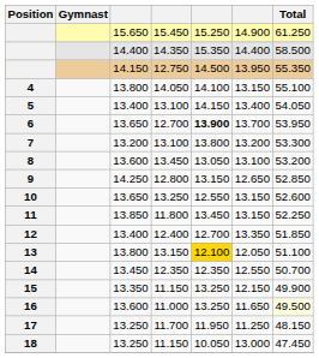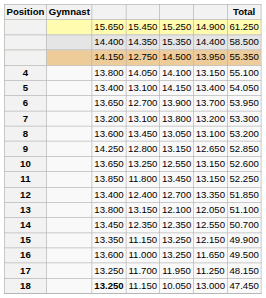 <table class="wikitable sortable" style="text-align:center">
 <tr>
 <th scope=col>Position</th>
 <th scope=col>Gymnast</th>
 <th scope=col></th>
 <th scope=col></th>
 <th scope=col></th>
 <th scope=col></th>
 <th scope=col>Total</th>
 </tr>
 <tr bgcolor=fffcaf>
 <th scope=row></th>
 <td align=left></td>
 <td>15.650</td>
 <td>15.450</td>
 <td>15.250</td>
 <td>14.900</td>
 <td>61.250</td>
 </tr>
 <tr bgcolor=e5e5e5>
 <th scope=row></th>
 <td align=left></td>
 <td>14.400</td>
 <td>14.350</td>
 <td>15.350</td>
 <td>14.400</td>
 <td>58.500</td>
 </tr>
 <tr bgcolor=eecc99>
 <th scope=row></th>
 <td align=left></td>
 <td>14.150</td>
 <td>12.750</td>
 <td>14.500</td>
 <td>13.950</td>
 <td>55.350</td>
 </tr>
 <tr>
 <th scope=row>4</th>
 <td align=left></td>
 <td>13.800</td>
 <td>14.050</td>
 <td>14.100</td>
 <td>13.150</td>
 <td>55.100</td>
 </tr>
 <tr>
 <th scope=row>5</th>
 <td align=left></td>
 <td>13.400</td>
 <td>13.100</td>
 <td>14.150</td>
 <td>13.400</td>
 <td>54.050</td>
 </tr>
 <tr>
 <th scope=row>6</th>
 <td align=left></td>
 <td>13.650</td>
 <td>12.700</td>
-<td><strong>13.900</strong></td>
+<td>13.900</td>
 <td>13.700</td>
 <td>53.950</td>
 </tr>
 <tr>
 <th scope=row>7</th>
 <td align=left></td>
 <td>13.200</td>
 <td>13.100</td>
 <td>13.800</td>
 <td>13.200</td>
 <td>53.300</td>
 </tr>
 <tr>
 <th scope=row>8</th>
 <td align=left></td>
 <td>13.600</td>
 <td>13.450</td>
 <td>13.050</td>
 <td>13.100</td>
 <td>53.200</td>
 </tr>
 <tr>
 <th scope=row>9</th>
 <td align=left></td>
 <td>14.250</td>
 <td>12.800</td>
 <td>13.150</td>
 <td>12.650</td>
 <td>52.850</td>
 </tr>
 <tr>
 <th scope=row>10</th>
 <td align=left></td>
 <td>13.650</td>
 <td>13.250</td>
 <td>12.550</td>
 <td>13.150</td>
 <td>52.600</td>
 </tr>
 <tr>
 <th scope=row>11</th>
 <td align=left></td>
 <td>13.850</td>
 <td>11.800</td>
 <td>13.450</td>
 <td>13.150</td>
 <td>52.250</td>
 </tr>
 <tr>
 <th scope=row>12</th>
 <td align=left></td>
 <td>13.400</td>
 <td>12.400</td>
 <td>12.700</td>
 <td>13.350</td>
 <td>51.850</td>
 </tr>
 <tr>
 <th scope=row>13</th>
 <td align=left></td>
 <td>13.800</td>
 <td>13.150</td>
-<td style="background: gold;">12.100</td>
+<td>12.100</td>
 <td>12.050</td>
 <td>51.100</td>
 </tr>
 <tr>
 <th scope=row>14</th>
 <td align=left></td>
 <td>13.450</td>
 <td>12.350</td>
 <td>12.350</td>
 <td>12.550</td>
 <td>50.700</td>
 </tr>
 <tr>
 <th scope=row>15</th>
 <td align=left></td>
 <td>13.350</td>
 <td>11.150</td>
 <td>13.250</td>
 <td>12.150</td>
 <td>49.900</td>
 </tr>
 <tr>
 <th scope=row>16</th>
 <td align=left></td>
 <td>13.600</td>
 <td>11.000</td>
 <td>13.250</td>
 <td>11.650</td>
-<td style="background: lightyellow;">49.500</td>
+<td>49.500</td>
 </tr>
 <tr>
 <th scope=row>17</th>
 <td align=left></td>
 <td>13.250</td>
 <td>11.700</td>
 <td>11.950</td>
 <td>11.250</td>
 <td>48.150</td>
 </tr>
 <tr>
 <th scope=row>18</th>
 <td align=left></td>
-<td>13.250</td>
+<td><strong>13.250</strong></td>
 <td>11.150</td>
 <td>10.050</td>
 <td>13.000</td>
 <td>47.450</td>
 </tr>
 <tr>
 </tr>
 </table>
